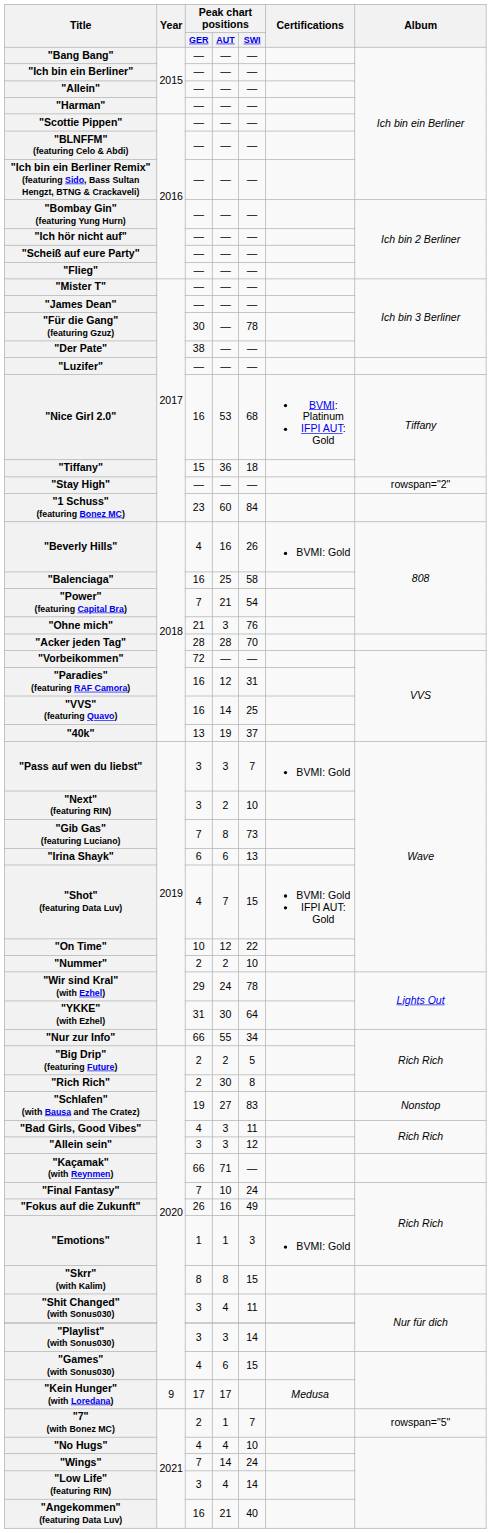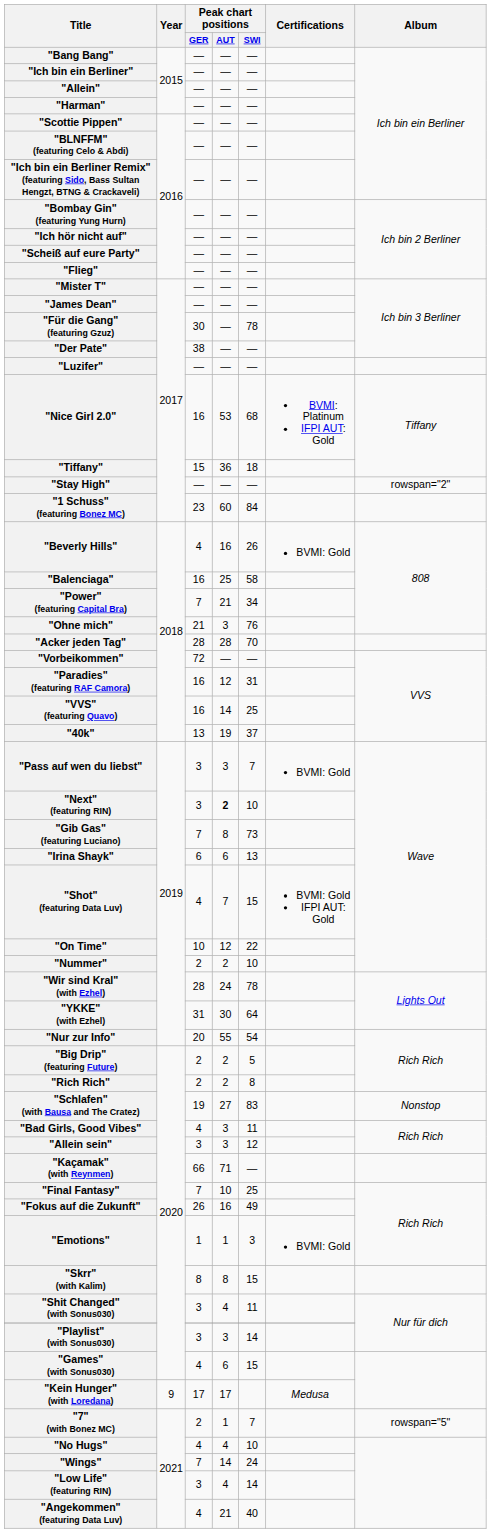 <table class="wikitable plainrowheaders" style="text-align:center;">
 <tr>
 <th scope="col" rowspan="2" style="width:14em;">Title</th>
 <th scope="col" rowspan="2" style="width:1em;">Year</th>
 <th scope="col" colspan="3">Peak chart positions</th>
 <th scope="col" rowspan="2" style="width:8em;">Certifications</th>
 <th scope="col" rowspan="2" style="width:12em;">Album</th>
 </tr>
 <tr>
 <th style="width:2.5em; font-size:85%"><a href='#'>GER</a><br></th>
 <th style="width:2.5em; font-size:85%"><a href='#'>AUT</a><br></th>
 <th style="width:2.5em; font-size:85%"><a href='#'>SWI</a><br></th>
 </tr>
 <tr>
 <th scope="row">"Bang Bang"</th>
 <td rowspan="4">2015</td>
 <td>—</td>
 <td>—</td>
 <td>—</td>
 <td></td>
 <td rowspan="7"><em>Ich bin ein Berliner</em></td>
 </tr>
 <tr>
 <th scope="row">"Ich bin ein Berliner"</th>
 <td>—</td>
 <td>—</td>
 <td>—</td>
 <td></td>
 </tr>
 <tr>
 <th scope="row">"Allein"</th>
 <td>—</td>
 <td>—</td>
 <td>—</td>
 <td></td>
 </tr>
 <tr>
 <th scope="row">"Harman"</th>
 <td>—</td>
 <td>—</td>
 <td>—</td>
 <td></td>
 </tr>
 <tr>
 <th scope="row">"Scottie Pippen"</th>
 <td rowspan="7">2016</td>
 <td>—</td>
 <td>—</td>
 <td>—</td>
 <td></td>
 </tr>
 <tr>
 <th scope="row">"BLNFFM"<br><small>(featuring Celo & Abdi)</small></th>
 <td>—</td>
 <td>—</td>
 <td>—</td>
 <td></td>
 </tr>
 <tr>
 <th scope="row">"Ich bin ein Berliner Remix"<br><small>(featuring <a href='#'>Sido</a>, Bass Sultan Hengzt, BTNG & Crackaveli)</small></th>
 <td>—</td>
 <td>—</td>
 <td>—</td>
 <td></td>
 </tr>
 <tr>
 <th scope="row">"Bombay Gin"<br><small>(featuring Yung Hurn)</small></th>
 <td>—</td>
 <td>—</td>
 <td>—</td>
 <td></td>
 <td rowspan="4"><em>Ich bin 2 Berliner</em></td>
 </tr>
 <tr>
 <th scope="row">"Ich hör nicht auf"</th>
 <td>—</td>
 <td>—</td>
 <td>—</td>
 <td></td>
 </tr>
 <tr>
 <th scope="row">"Scheiß auf eure Party"</th>
 <td>—</td>
 <td>—</td>
 <td>—</td>
 <td></td>
 </tr>
 <tr>
 <th scope="row">"Flieg"</th>
 <td>—</td>
 <td>—</td>
 <td>—</td>
 <td></td>
 </tr>
 <tr>
 <th scope="row">"Mister T"</th>
 <td rowspan="9">2017</td>
 <td>—</td>
 <td>—</td>
 <td>—</td>
 <td></td>
 <td rowspan="4"><em>Ich bin 3 Berliner</em></td>
 </tr>
 <tr>
 <th scope="row">"James Dean"</th>
 <td>—</td>
 <td>—</td>
 <td>—</td>
 <td></td>
 </tr>
 <tr>
 <th scope="row">"Für die Gang"<br><small>(featuring Gzuz)</small></th>
 <td>30</td>
 <td>—</td>
 <td>78</td>
 <td></td>
 </tr>
 <tr>
 <th scope="row">"Der Pate"</th>
 <td>38</td>
 <td>—</td>
 <td>—</td>
 <td></td>
 </tr>
 <tr>
 <th scope="row">"Luzifer"</th>
 <td>—</td>
 <td>—</td>
 <td>—</td>
 <td></td>
 <td></td>
 </tr>
 <tr>
 <th scope="row">"Nice Girl 2.0"</th>
 <td>16</td>
 <td>53</td>
 <td>68</td>
 <td><br><ul><li><a href='#'>BVMI</a>: Platinum</li><li><a href='#'>IFPI AUT</a>: Gold</li></ul></td>
 <td rowspan="2"><em>Tiffany</em></td>
 </tr>
 <tr>
 <th scope="row">"Tiffany"</th>
 <td>15</td>
 <td>36</td>
 <td>18</td>
 <td></td>
 </tr>
 <tr>
 <th scope="row">"Stay High"</th>
 <td>—</td>
 <td>—</td>
 <td>—</td>
 <td></td>
 <td>rowspan="2" </td>
 </tr>
 <tr>
 <th scope="row">"1 Schuss"<br><small>(featuring <a href='#'>Bonez MC</a>)</small></th>
 <td>23</td>
 <td>60</td>
 <td>84</td>
 <td></td>
 </tr>
 <tr>
 <th scope="row">"Beverly Hills"</th>
 <td rowspan="9">2018</td>
 <td>4</td>
 <td>16</td>
 <td>26</td>
 <td><br><ul><li>BVMI: Gold</li></ul></td>
 <td rowspan="4"><em>808</em></td>
 </tr>
 <tr>
 <th scope="row">"Balenciaga"</th>
 <td>16</td>
 <td>25</td>
 <td>58</td>
 <td></td>
 </tr>
 <tr>
 <th scope="row">"Power"<br><small>(featuring <a href='#'>Capital Bra</a>)</small></th>
 <td>7</td>
 <td>21</td>
-<td>54</td>
+<td>34</td>
 <td></td>
 </tr>
 <tr>
 <th scope="row">"Ohne mich"</th>
 <td>21</td>
 <td>3</td>
 <td>76</td>
 <td></td>
 </tr>
 <tr>
 <th scope="row">"Acker jeden Tag"</th>
 <td>28</td>
 <td>28</td>
 <td>70</td>
 <td></td>
 <td></td>
 </tr>
 <tr>
 <th scope="row">"Vorbeikommen"</th>
 <td>72</td>
 <td>—</td>
 <td>—</td>
 <td></td>
 <td rowspan="4"><em>VVS</em></td>
 </tr>
 <tr>
 <th scope="row">"Paradies"<br><small>(featuring <a href='#'>RAF Camora</a>)</small></th>
 <td>16</td>
 <td>12</td>
 <td>31</td>
 <td></td>
 </tr>
 <tr>
 <th scope="row">"VVS"<br><small>(featuring <a href='#'>Quavo</a>)</small></th>
 <td>16</td>
 <td>14</td>
 <td>25</td>
 <td></td>
 </tr>
 <tr>
 <th scope="row">"40k"</th>
 <td>13</td>
 <td>19</td>
 <td>37</td>
 <td></td>
 </tr>
 <tr>
 <th scope="row">"Pass auf wen du liebst"</th>
 <td rowspan="10">2019</td>
 <td>3</td>
 <td>3</td>
 <td>7</td>
 <td><br><ul><li>BVMI: Gold</li></ul></td>
 <td rowspan="7"><em>Wave</em></td>
 </tr>
 <tr>
 <th scope="row">"Next"<br><small>(featuring RIN)</small></th>
 <td>3</td>
-<td>2</td>
+<td><strong>2</strong></td>
 <td>10</td>
 <td></td>
 </tr>
 <tr>
 <th scope="row">"Gib Gas"<br><small>(featuring Luciano)</small></th>
 <td>7</td>
 <td>8</td>
 <td>73</td>
 <td></td>
 </tr>
 <tr>
 <th scope="row">"Irina Shayk"</th>
 <td>6</td>
 <td>6</td>
 <td>13</td>
 <td></td>
 </tr>
 <tr>
 <th scope="row">"Shot"<br><small>(featuring Data Luv)</small></th>
 <td>4</td>
 <td>7</td>
 <td>15</td>
 <td><br><ul><li>BVMI: Gold</li><li>IFPI AUT: Gold</li></ul></td>
 </tr>
 <tr>
 <th scope="row">"On Time"</th>
 <td>10</td>
 <td>12</td>
 <td>22</td>
 <td></td>
 </tr>
 <tr>
 <th scope="row">"Nummer"</th>
 <td>2</td>
 <td>2</td>
 <td>10</td>
 <td></td>
 </tr>
 <tr>
 <th scope="row">"Wir sind Kral"<br><small>(with <a href='#'>Ezhel</a>)</small></th>
-<td>29</td>
+<td>28</td>
 <td>24</td>
 <td>78</td>
 <td></td>
 <td rowspan="2"><em><a href='#'>Lights Out</a></em></td>
 </tr>
 <tr>
 <th scope="row">"YKKE"<br><small>(with Ezhel)</small></th>
 <td>31</td>
 <td>30</td>
 <td>64</td>
 <td></td>
 </tr>
 <tr>
 <th scope="row">"Nur zur Info"</th>
-<td>66</td>
+<td>20</td>
 <td>55</td>
-<td>34</td>
+<td>54</td>
 <td></td>
 <td rowspan="3"><em>Rich Rich</em></td>
 </tr>
 <tr>
 <th scope="row">"Big Drip"<br><small>(featuring <a href='#'>Future</a>)</small></th>
 <td rowspan="14">2020</td>
 <td>2</td>
 <td>2</td>
 <td>5</td>
 <td></td>
 </tr>
 <tr>
 <th scope="row">"Rich Rich"</th>
 <td>2</td>
-<td>30</td>
+<td>2</td>
 <td>8</td>
 <td></td>
 </tr>
 <tr>
 <th scope="row">"Schlafen"<br><small>(with <a href='#'>Bausa</a> and The Cratez)</small></th>
 <td>19</td>
 <td>27</td>
 <td>83</td>
 <td></td>
 <td><em>Nonstop</em></td>
 </tr>
 <tr>
 <th scope="row">"Bad Girls, Good Vibes"</th>
 <td>4</td>
 <td>3</td>
 <td>11</td>
 <td></td>
 <td rowspan="2"><em>Rich Rich</em></td>
 </tr>
 <tr>
 <th scope="row">"Allein sein"</th>
 <td>3</td>
 <td>3</td>
 <td>12</td>
 <td></td>
 </tr>
 <tr>
 <th scope="row">"Kaçamak"<br><small>(with <a href='#'>Reynmen</a>)</small></th>
 <td>66</td>
 <td>71</td>
 <td>—</td>
 <td></td>
 <td></td>
 </tr>
 <tr>
 <th scope="row">"Final Fantasy"</th>
 <td>7</td>
 <td>10</td>
-<td>24</td>
+<td>25</td>
 <td></td>
 <td rowspan="3"><em>Rich Rich</em></td>
 </tr>
 <tr>
 <th scope="row">"Fokus auf die Zukunft"</th>
 <td>26</td>
 <td>16</td>
 <td>49</td>
 <td></td>
 </tr>
 <tr>
 <th scope="row">"Emotions"</th>
 <td>1</td>
 <td>1</td>
 <td>3</td>
 <td><br><ul><li>BVMI: Gold</li></ul></td>
 </tr>
 <tr>
 <th scope="row">"Skrr"<br><small>(with Kalim)</small></th>
 <td>8</td>
 <td>8</td>
 <td>15</td>
 <td></td>
 <td></td>
 </tr>
 <tr>
 <th scope="row">"Shit Changed"<br><small>(with Sonus030)</small></th>
 <td>3</td>
 <td>4</td>
 <td>11</td>
 <td></td>
 <td rowspan="3"><em>Nur für dich</em></td>
 </tr>
 <tr>
 </tr>
 <tr>
 <th scope="row">"Playlist"<br><small>(with Sonus030)</small></th>
 <td>3</td>
 <td>3</td>
 <td>14</td>
 <td></td>
 </tr>
 <tr>
 <th scope="row">"Games"<br><small>(with Sonus030)</small></th>
 <td>4</td>
 <td>6</td>
 <td>15</td>
 <td></td>
 </tr>
 <tr>
 <th scope="row">"Kein Hunger"<br><small>(with <a href='#'>Loredana</a>)</small></th>
 <td>9</td>
 <td>17</td>
 <td>17</td>
 <td></td>
 <td><em>Medusa</em></td>
 </tr>
 <tr>
 <th scope="row">"7"<br><small>(with Bonez MC)</small></th>
 <td rowspan="5">2021</td>
 <td>2</td>
 <td>1</td>
 <td>7</td>
 <td></td>
 <td>rowspan="5" </td>
 </tr>
 <tr>
 <th scope="row">"No Hugs"</th>
 <td>4</td>
 <td>4</td>
 <td>10</td>
 <td></td>
 </tr>
 <tr>
 <th scope="row">"Wings"</th>
 <td>7</td>
 <td>14</td>
 <td>24</td>
 <td></td>
 </tr>
 <tr>
 <th scope="row">"Low Life"<br><small>(featuring RIN)</small></th>
 <td>3</td>
 <td>4</td>
 <td>14</td>
 <td></td>
 </tr>
 <tr>
 <th scope="row">"Angekommen"<br><small>(featuring Data Luv)</small></th>
-<td>16</td>
+<td>4</td>
 <td>21</td>
 <td>40</td>
 <td></td>
 </tr>
 </table>
